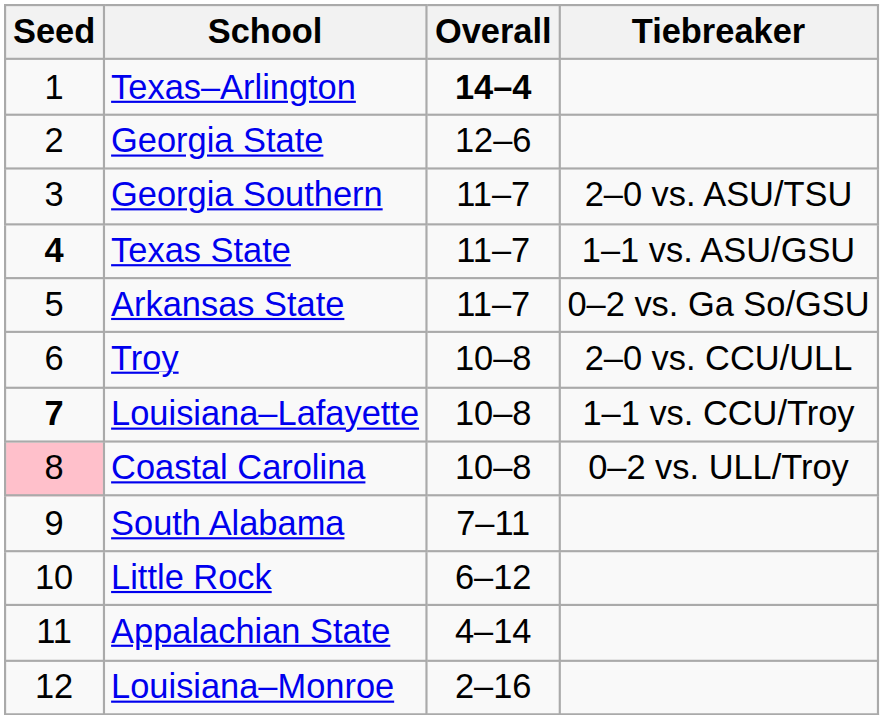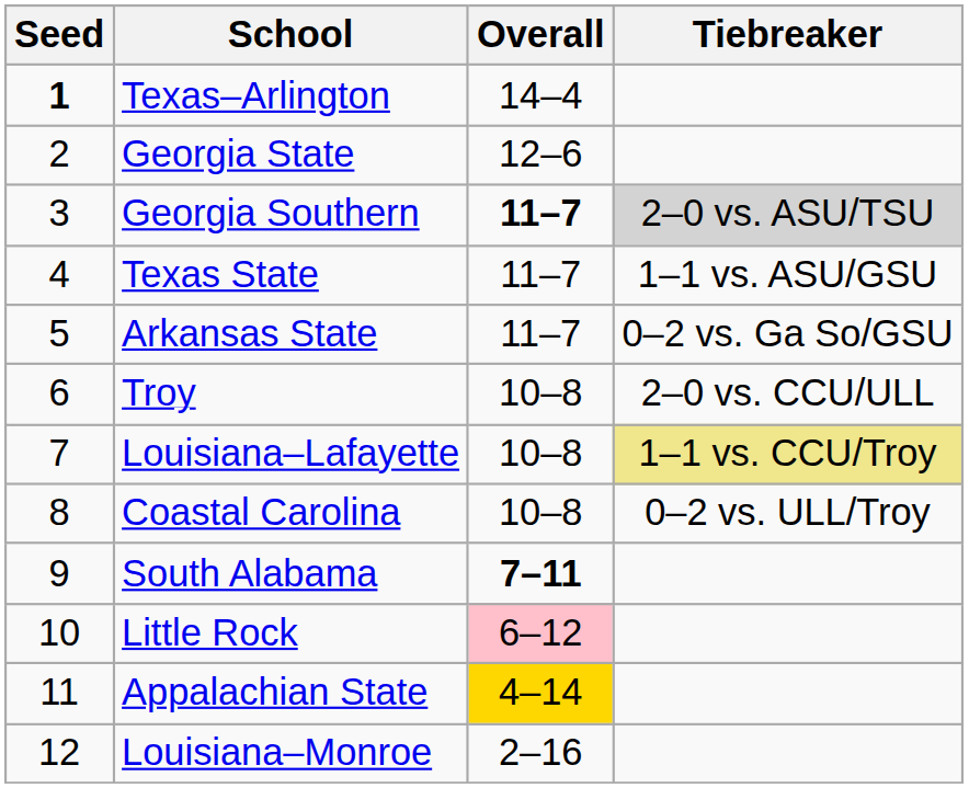 <table class="wikitable" style="text-align:center">
 <tr>
 <th>Seed</th>
 <th>School</th>
 <th>Overall</th>
 <th>Tiebreaker</th>
 </tr>
 <tr>
-<td>1</td>
+<td><strong>1</strong></td>
 <td align="left"><a href='#'>Texas–Arlington</a></td>
-<td><strong>14–4</strong></td>
+<td>14–4</td>
 <td></td>
 </tr>
 <tr>
 <td>2</td>
 <td align="left"><a href='#'>Georgia State</a></td>
 <td>12–6</td>
 <td></td>
 </tr>
 <tr>
 <td>3</td>
 <td align="left"><a href='#'>Georgia Southern</a></td>
-<td>11–7</td>
-<td>2–0 vs. ASU/TSU</td>
+<td><strong>11–7</strong></td>
+<td style="background: lightgrey;">2–0 vs. ASU/TSU</td>
 </tr>
 <tr>
-<td><strong>4</strong></td>
+<td>4</td>
 <td align="left"><a href='#'>Texas State</a></td>
 <td>11–7</td>
 <td>1–1 vs. ASU/GSU</td>
 </tr>
 <tr>
 <td>5</td>
 <td align="left"><a href='#'>Arkansas State</a></td>
 <td>11–7</td>
 <td>0–2 vs. Ga So/GSU</td>
 </tr>
 <tr>
 <td>6</td>
 <td align="left"><a href='#'>Troy</a></td>
 <td>10–8</td>
 <td>2–0 vs. CCU/ULL</td>
 </tr>
 <tr>
-<td><strong>7</strong></td>
+<td>7</td>
 <td align="left"><a href='#'>Louisiana–Lafayette</a></td>
 <td>10–8</td>
-<td>1–1 vs. CCU/Troy</td>
+<td style="background: khaki;">1–1 vs. CCU/Troy</td>
 </tr>
 <tr>
-<td style="background: pink;">8</td>
+<td>8</td>
 <td align="left"><a href='#'>Coastal Carolina</a></td>
 <td>10–8</td>
 <td>0–2 vs. ULL/Troy</td>
 </tr>
 <tr>
 <td>9</td>
 <td align="left"><a href='#'>South Alabama</a></td>
-<td>7–11</td>
+<td><strong>7–11</strong></td>
 <td></td>
 </tr>
 <tr>
 <td>10</td>
 <td align="left"><a href='#'>Little Rock</a></td>
-<td>6–12</td>
+<td style="background: pink;">6–12</td>
 <td></td>
 </tr>
 <tr>
 <td>11</td>
 <td align="left"><a href='#'>Appalachian State</a></td>
-<td>4–14</td>
+<td style="background: gold;">4–14</td>
 <td></td>
 </tr>
 <tr>
 <td>12</td>
 <td align="left"><a href='#'>Louisiana–Monroe</a></td>
 <td>2–16</td>
 <td></td>
 </tr>
 <tr>
 </tr>
 </table>
